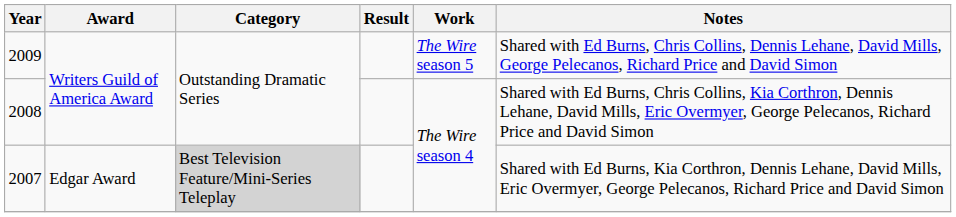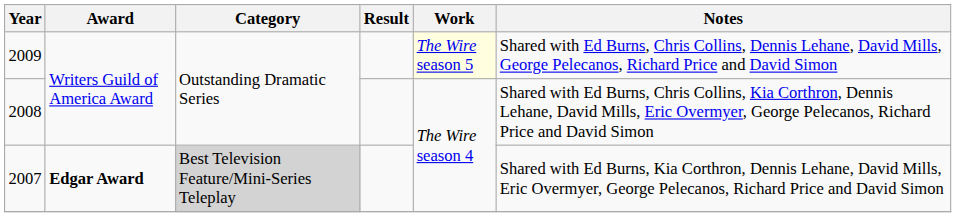 <table class="wikitable" style="font-size: 95%;">
 <tr>
 <th>Year</th>
 <th>Award</th>
 <th>Category</th>
 <th>Result</th>
 <th>Work</th>
 <th>Notes</th>
 </tr>
 <tr>
 <td>2009</td>
 <td rowspan=2><a href='#'>Writers Guild of America Award</a></td>
 <td rowspan=2>Outstanding Dramatic Series</td>
 <td></td>
-<td><em><a href='#'>The Wire</a></em> <a href='#'>season 5</a></td>
+<td style="background: lightyellow;"><em><a href='#'>The Wire</a></em> <a href='#'>season 5</a></td>
 <td>Shared with <a href='#'>Ed Burns</a>, <a href='#'>Chris Collins</a>, <a href='#'>Dennis Lehane</a>, <a href='#'>David Mills</a>, <a href='#'>George Pelecanos</a>, <a href='#'>Richard Price</a> and <a href='#'>David Simon</a></td>
 </tr>
 <tr>
 <td>2008</td>
 <td></td>
 <td rowspan=2><em>The Wire</em> <a href='#'>season 4</a></td>
 <td>Shared with Ed Burns, Chris Collins, <a href='#'>Kia Corthron</a>, Dennis Lehane, David Mills, <a href='#'>Eric Overmyer</a>, George Pelecanos, Richard Price and David Simon</td>
 </tr>
 <tr>
 <td>2007</td>
-<td>Edgar Award</td>
+<td><strong>Edgar Award</strong></td>
 <td style="background: lightgrey;">Best Television Feature/Mini-Series Teleplay</td>
 <td></td>
 <td>Shared with Ed Burns, Kia Corthron, Dennis Lehane, David Mills, Eric Overmyer, George Pelecanos, Richard Price and David Simon</td>
 </tr>
 <tr>
 </tr>
 </table>
